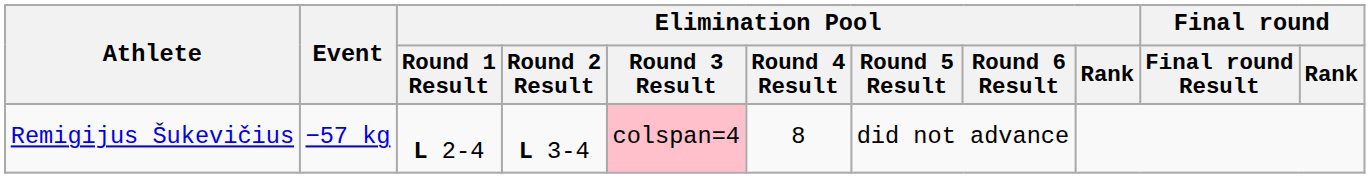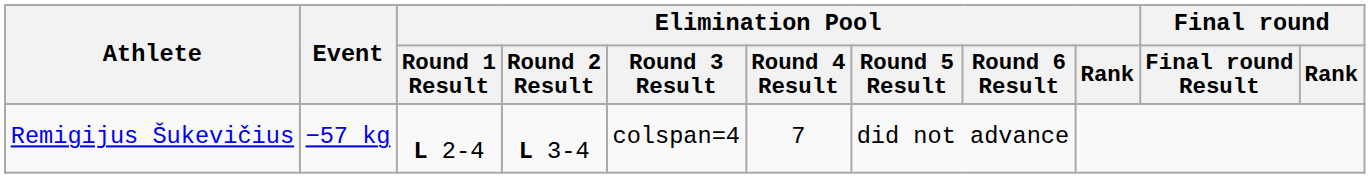 <table class="wikitable" style="font-size:90%">
 <tr>
 <th rowspan="2">Athlete</th>
 <th rowspan="2">Event</th>
 <th colspan=7>Elimination Pool</th>
 <th colspan=2>Final round</th>
 </tr>
 <tr style="font-size: 95%">
 <th>Round 1<br>Result</th>
 <th>Round 2<br>Result</th>
 <th>Round 3<br>Result</th>
 <th>Round 4<br>Result</th>
 <th>Round 5<br>Result</th>
 <th>Round 6<br>Result</th>
 <th>Rank</th>
 <th>Final round<br>Result</th>
 <th>Rank</th>
 </tr>
 <tr align=center>
 <td align=left><a href='#'>Remigijus Šukevičius</a></td>
 <td align=left><a href='#'>−57 kg</a></td>
 <td><br><strong>L</strong> 2-4</td>
 <td><br><strong>L</strong> 3-4</td>
-<td style="background: pink;">colspan=4 </td>
-<td>8</td>
+<td>colspan=4 </td>
+<td>7</td>
 <td colspan=2>did not advance</td>
 </tr>
 </table>
